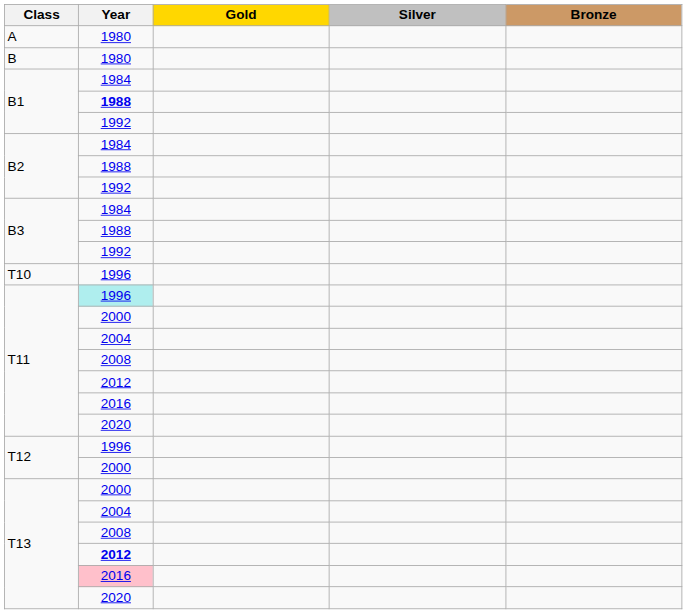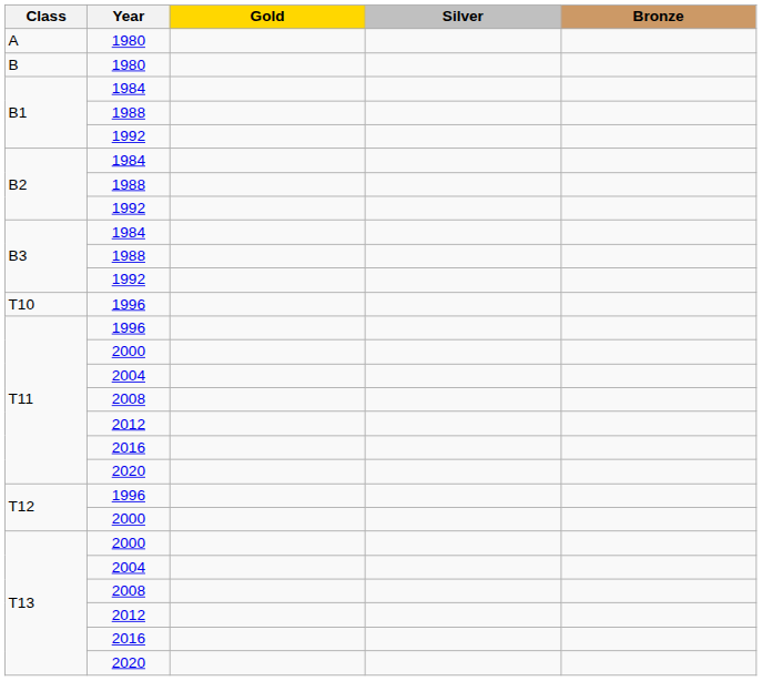 <table class="wikitable">
 <tr>
 <th width=80>Class</th>
 <th width=80>Year</th>
 <td align=center width=200 bgcolor=gold><strong>Gold</strong></td>
 <td align=center width=200 bgcolor=silver><strong>Silver</strong></td>
 <td align=center width=200 bgcolor=cc9966><strong>Bronze</strong></td>
 </tr>
 <tr>
 <td>A</td>
 <td align=center><a href='#'>1980</a></td>
 <td></td>
 <td></td>
 <td></td>
 </tr>
 <tr>
 <td>B</td>
 <td align=center><a href='#'>1980</a></td>
 <td></td>
 <td></td>
 <td></td>
 </tr>
 <tr>
 <td rowspan=3>B1</td>
 <td align=center><a href='#'>1984</a></td>
 <td></td>
 <td></td>
 <td></td>
 </tr>
 <tr>
-<td align=center><strong><a href='#'>1988</a></strong></td>
+<td align=center><a href='#'>1988</a></td>
 <td></td>
 <td></td>
 <td></td>
 </tr>
 <tr>
 <td align=center><a href='#'>1992</a></td>
 <td></td>
 <td></td>
 <td></td>
 </tr>
 <tr>
 <td rowspan=3>B2</td>
 <td align=center><a href='#'>1984</a></td>
 <td></td>
 <td></td>
 <td></td>
 </tr>
 <tr>
 <td align=center><a href='#'>1988</a></td>
 <td></td>
 <td></td>
 <td></td>
 </tr>
 <tr>
 <td align=center><a href='#'>1992</a></td>
 <td></td>
 <td></td>
 <td></td>
 </tr>
 <tr>
 <td rowspan=3>B3</td>
 <td align=center><a href='#'>1984</a></td>
 <td></td>
 <td></td>
 <td></td>
 </tr>
 <tr>
 <td align=center><a href='#'>1988</a></td>
 <td></td>
 <td></td>
 <td></td>
 </tr>
 <tr>
 <td align=center><a href='#'>1992</a></td>
 <td></td>
 <td></td>
 <td></td>
 </tr>
 <tr>
 <td>T10</td>
 <td align=center><a href='#'>1996</a></td>
 <td></td>
 <td></td>
 <td></td>
 </tr>
 <tr>
 <td rowspan=7>T11</td>
-<td align=center style="background: paleturquoise;"><a href='#'>1996</a></td>
+<td align=center><a href='#'>1996</a></td>
 <td></td>
 <td></td>
 <td></td>
 </tr>
 <tr>
 <td align=center><a href='#'>2000</a></td>
 <td></td>
 <td></td>
 <td></td>
 </tr>
 <tr>
 <td align=center><a href='#'>2004</a></td>
 <td></td>
 <td></td>
 <td></td>
 </tr>
 <tr>
 <td align=center><a href='#'>2008</a></td>
 <td></td>
 <td></td>
 <td></td>
 </tr>
 <tr>
 <td align=center><a href='#'>2012</a></td>
 <td></td>
 <td></td>
 <td></td>
 </tr>
 <tr>
 <td align=center><a href='#'>2016</a></td>
 <td></td>
 <td></td>
 <td></td>
 </tr>
 <tr>
 <td align=center><a href='#'>2020</a></td>
 <td></td>
 <td></td>
 <td></td>
 </tr>
 <tr>
 <td rowspan=2>T12</td>
 <td align=center><a href='#'>1996</a></td>
 <td></td>
 <td></td>
 <td></td>
 </tr>
 <tr>
 <td align=center><a href='#'>2000</a></td>
 <td></td>
 <td></td>
 <td></td>
 </tr>
 <tr>
 <td rowspan=6>T13</td>
 <td align=center><a href='#'>2000</a></td>
 <td></td>
 <td></td>
 <td></td>
 </tr>
 <tr>
 <td align=center><a href='#'>2004</a></td>
 <td></td>
 <td></td>
 <td></td>
 </tr>
 <tr>
 <td align=center><a href='#'>2008</a></td>
 <td></td>
 <td></td>
 <td></td>
 </tr>
 <tr>
-<td align=center><strong><a href='#'>2012</a></strong></td>
+<td align=center><a href='#'>2012</a></td>
 <td></td>
 <td></td>
 <td></td>
 </tr>
 <tr>
-<td align=center style="background: pink;"><a href='#'>2016</a></td>
+<td align=center><a href='#'>2016</a></td>
 <td></td>
 <td></td>
 <td></td>
 </tr>
 <tr>
 <td align=center><a href='#'>2020</a></td>
 <td></td>
 <td></td>
 <td></td>
 </tr>
 </table>
